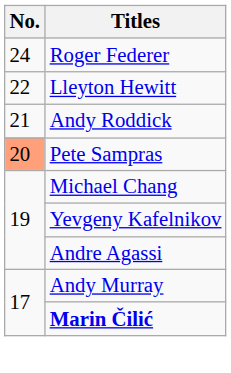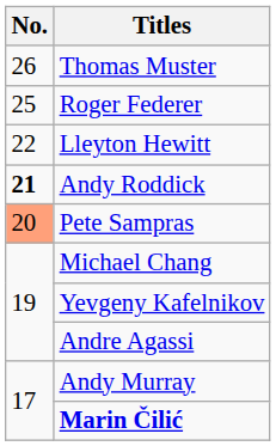 <table class="wikitable" style="display: inline-table;">
 <tr>
 <th width=20>No.</th>
 <th>Titles</th>
 </tr>
 <tr>
-<td>24</td>
+<td>26</td>
+<td> <a href='#'>Thomas Muster</a></td>
+</tr>
+<tr>
+<td>25</td>
 <td> <a href='#'>Roger Federer</a></td>
 </tr>
 <tr>
 <td>22</td>
 <td> <a href='#'>Lleyton Hewitt</a></td>
 </tr>
 <tr>
-<td>21</td>
+<td><strong>21</strong></td>
 <td> <a href='#'>Andy Roddick</a></td>
 </tr>
 <tr>
 <td style="background: lightsalmon;">20</td>
 <td> <a href='#'>Pete Sampras</a></td>
 </tr>
 <tr>
 <td rowspan="3">19</td>
 <td> <a href='#'>Michael Chang</a></td>
 </tr>
 <tr>
 <td> <a href='#'>Yevgeny Kafelnikov</a></td>
 </tr>
 <tr>
 <td> <a href='#'>Andre Agassi</a></td>
 </tr>
 <tr>
 <td rowspan="2">17</td>
 <td> <a href='#'>Andy Murray</a></td>
 </tr>
 <tr>
 <td><strong> <a href='#'>Marin Čilić</a> </strong></td>
 </tr>
 </table>
